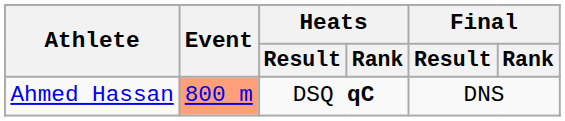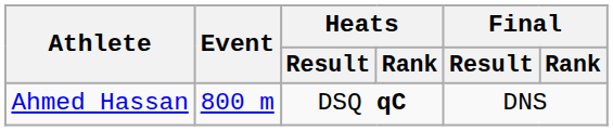 <table class="wikitable" style="font-size:90%">
 <tr>
 <th rowspan=2>Athlete</th>
 <th rowspan=2>Event</th>
 <th colspan=2>Heats</th>
 <th colspan=2>Final</th>
 </tr>
 <tr style="font-size:95%">
 <th>Result</th>
 <th>Rank</th>
 <th>Result</th>
 <th>Rank</th>
 </tr>
 <tr align=center>
 <td align=left><a href='#'>Ahmed Hassan</a></td>
-<td align=left style="background: lightsalmon;"><a href='#'>800 m</a></td>
+<td align=left><a href='#'>800 m</a></td>
 <td colspan=2>DSQ <strong>qC</strong></td>
 <td colspan=2>DNS</td>
 </tr>
 </table>
